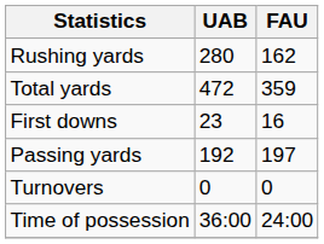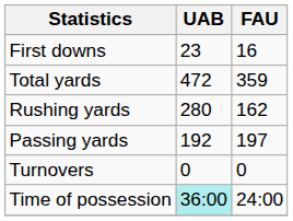 <table class="wikitable">
 <tr>
 <th>Statistics</th>
 <th>UAB</th>
 <th>FAU</th>
 </tr>
 <tr>
-<td>Rushing yards</td>
-<td>280</td>
-<td>162</td>
+<td>First downs</td>
+<td>23</td>
+<td>16</td>
 </tr>
 <tr>
 <td>Total yards</td>
 <td>472</td>
 <td>359</td>
 </tr>
 <tr>
-<td>First downs</td>
-<td>23</td>
-<td>16</td>
+<td>Rushing yards</td>
+<td>280</td>
+<td>162</td>
 </tr>
 <tr>
 <td>Passing yards</td>
 <td>192</td>
 <td>197</td>
 </tr>
 <tr>
 <td>Turnovers</td>
 <td>0</td>
 <td>0</td>
 </tr>
 <tr>
 <td>Time of possession</td>
-<td>36:00</td>
+<td style="background: paleturquoise;">36:00</td>
 <td>24:00</td>
 </tr>
 <tr>
 </tr>
 </table>
